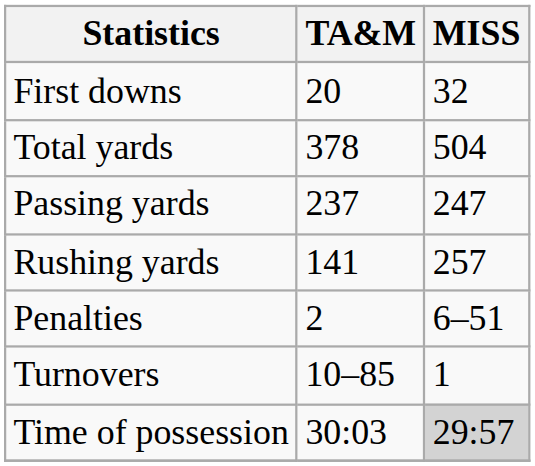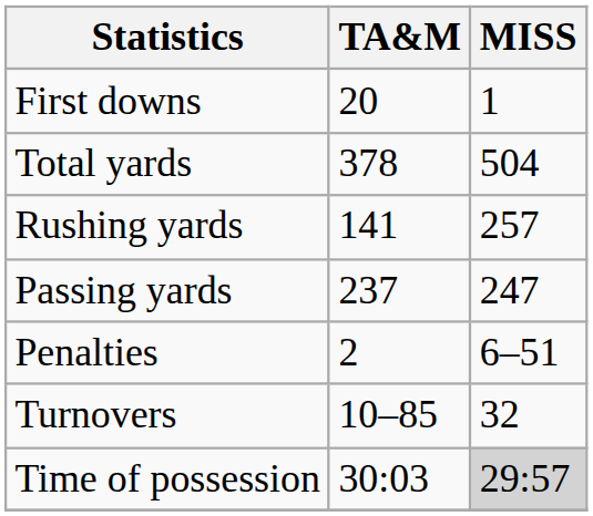 <table class="wikitable" style="float: left;">
 <tr>
 <th>Statistics</th>
 <th>TA&M</th>
 <th>MISS</th>
 </tr>
 <tr>
 <td>First downs</td>
 <td>20</td>
-<td>32</td>
+<td>1</td>
 </tr>
 <tr>
 <td>Total yards</td>
 <td>378</td>
 <td>504</td>
 </tr>
 <tr>
+<td>Rushing yards</td>
+<td>141</td>
+<td>257</td>
+</tr>
+<tr>
 <td>Passing yards</td>
 <td>237</td>
 <td>247</td>
-</tr>
-<tr>
-<td>Rushing yards</td>
-<td>141</td>
-<td>257</td>
 </tr>
 <tr>
 <td>Penalties</td>
 <td>2</td>
 <td>6–51</td>
 </tr>
 <tr>
 <td>Turnovers</td>
 <td>10–85</td>
-<td>1</td>
+<td>32</td>
 </tr>
 <tr>
 <td>Time of possession</td>
 <td>30:03</td>
 <td style="background: lightgrey;">29:57</td>
 </tr>
 <tr>
 </tr>
 </table>
